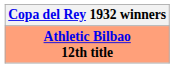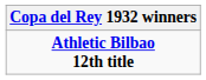 <table class="wikitable" style="text-align: center; margin: 0 auto;">
 <tr>
 <th><a href='#'>Copa del Rey</a> 1932 winners</th>
 </tr>
 <tr>
-<td style="background: lightsalmon;"><strong><a href='#'>Athletic Bilbao</a></strong><br><strong>12th title</strong></td>
+<td><strong><a href='#'>Athletic Bilbao</a></strong><br><strong>12th title</strong></td>
 </tr>
 </table>
